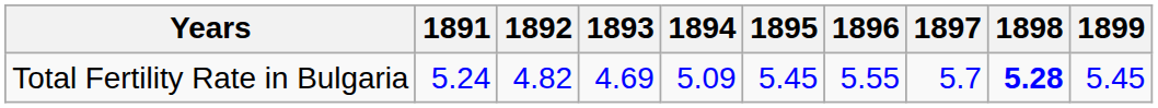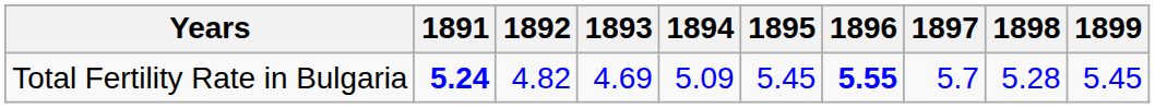 <table class="wikitable " style="text-align:right">
 <tr>
 <th>Years</th>
 <th>1891</th>
 <th>1892</th>
 <th>1893</th>
 <th>1894</th>
 <th>1895</th>
 <th>1896</th>
 <th>1897</th>
 <th>1898</th>
 <th>1899</th>
 </tr>
 <tr>
 <td align="left">Total Fertility Rate in Bulgaria</td>
-<td style="text-align:right; color:blue;">5.24</td>
+<td style="text-align:right; color:blue;"><strong>5.24</strong></td>
 <td style="text-align:right; color:blue;">4.82</td>
 <td style="text-align:right; color:blue;">4.69</td>
 <td style="text-align:right; color:blue;">5.09</td>
 <td style="text-align:right; color:blue;">5.45</td>
-<td style="text-align:right; color:blue;">5.55</td>
+<td style="text-align:right; color:blue;"><strong>5.55</strong></td>
 <td style="text-align:right; color:blue;">5.7</td>
-<td style="text-align:right; color:blue;"><strong>5.28</strong></td>
+<td style="text-align:right; color:blue;">5.28</td>
 <td style="text-align:right; color:blue;">5.45</td>
 </tr>
 </table>
